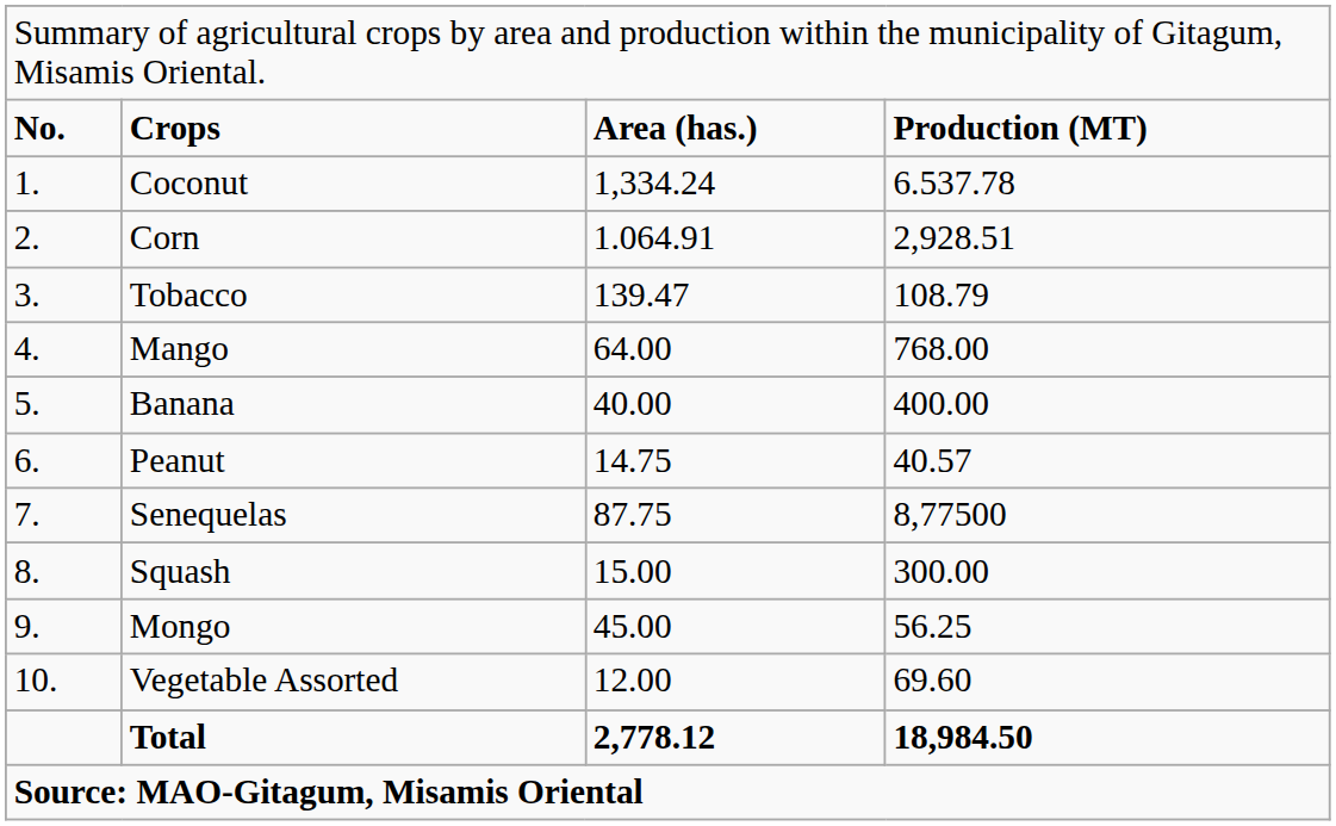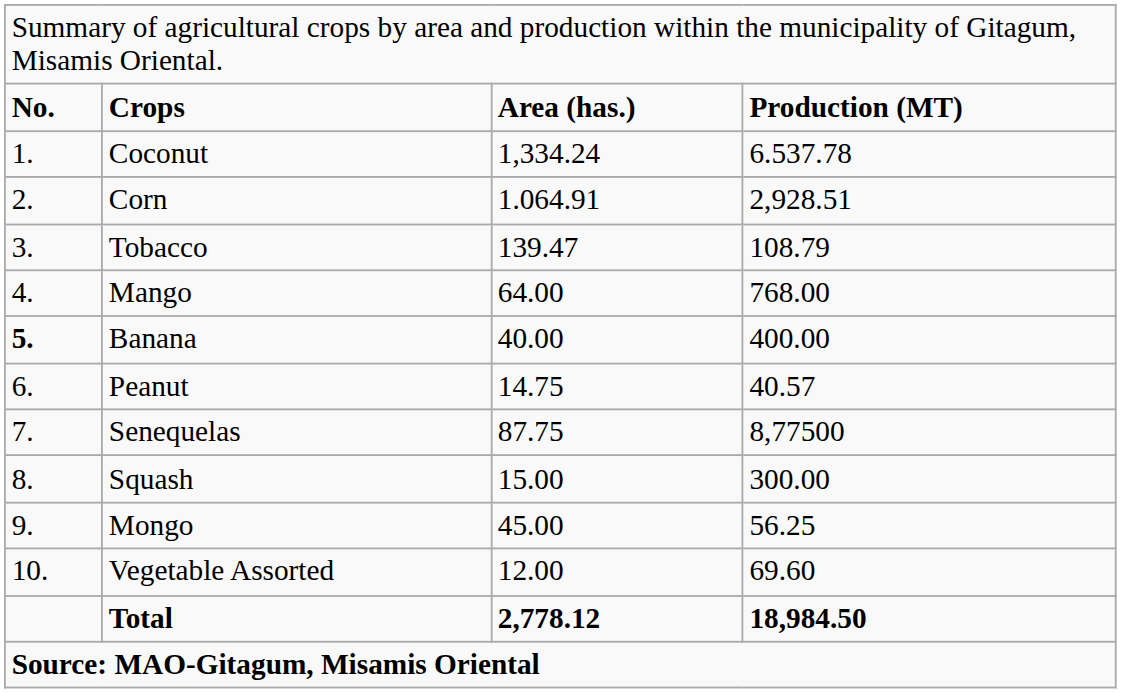 <table class="wikitable">
 <tr>
 <td colspan="4">Summary of agricultural crops by area and production within the municipality of Gitagum, Misamis Oriental.</td>
 </tr>
 <tr>
 <td><strong>No.</strong></td>
 <td><strong>Crops</strong></td>
 <td><strong>Area (has.)</strong></td>
 <td><strong>Production (MT)</strong></td>
 </tr>
 <tr>
 <td>1.</td>
 <td>Coconut</td>
 <td>1,334.24</td>
 <td>6.537.78</td>
 </tr>
 <tr>
 <td>2.</td>
 <td>Corn</td>
 <td>1.064.91</td>
 <td>2,928.51</td>
 </tr>
 <tr>
 <td>3.</td>
 <td>Tobacco</td>
 <td>139.47</td>
 <td>108.79</td>
 </tr>
 <tr>
 <td>4.</td>
 <td>Mango</td>
 <td>64.00</td>
 <td>768.00</td>
 </tr>
 <tr>
-<td>5.</td>
+<td><strong>5.</strong></td>
 <td>Banana</td>
 <td>40.00</td>
 <td>400.00</td>
 </tr>
 <tr>
 <td>6.</td>
 <td>Peanut</td>
 <td>14.75</td>
 <td>40.57</td>
 </tr>
 <tr>
 <td>7.</td>
 <td>Senequelas</td>
 <td>87.75</td>
 <td>8,77500</td>
 </tr>
 <tr>
 <td>8.</td>
 <td>Squash</td>
 <td>15.00</td>
 <td>300.00</td>
 </tr>
 <tr>
 <td>9.</td>
 <td>Mongo</td>
 <td>45.00</td>
 <td>56.25</td>
 </tr>
 <tr>
 <td>10.</td>
 <td>Vegetable Assorted</td>
 <td>12.00</td>
 <td>69.60</td>
 </tr>
 <tr>
 <td></td>
 <td><strong>Total</strong></td>
 <td><strong>2,778.12</strong></td>
 <td><strong>18,984.50</strong></td>
 </tr>
 <tr>
 <td colspan="4"><strong>Source: MAO-Gitagum, Misamis Oriental</strong></td>
 </tr>
 </table>
